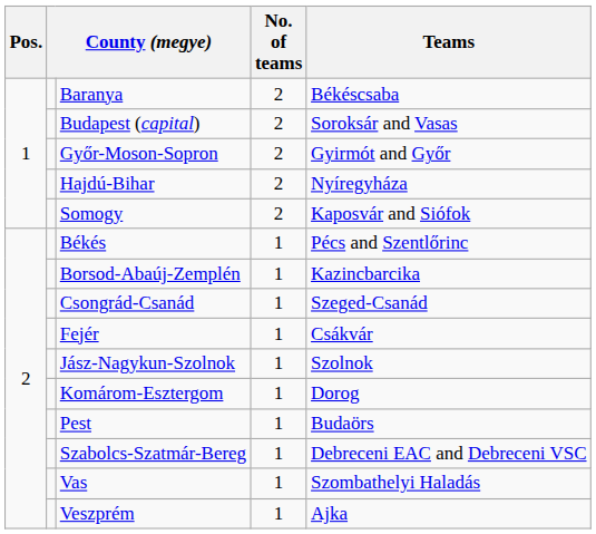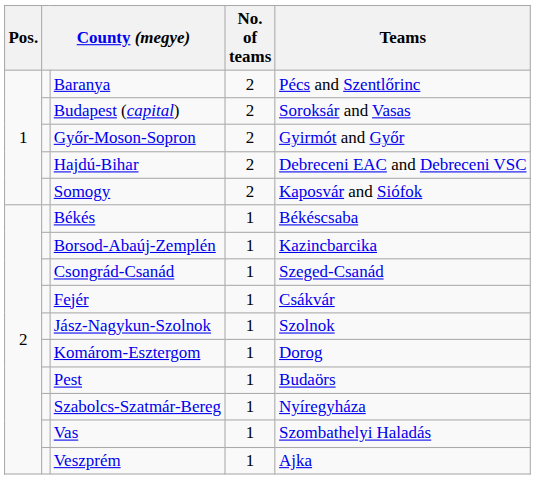 <table class="wikitable" style="float:left;margin-right:2em;">
 <tr>
 <th>Pos.</th>
 <th colspan=2><a href='#'>County</a> <em>(megye)</em></th>
 <th width=30>No. of teams</th>
 <th>Teams</th>
 </tr>
 <tr>
 <td rowspan="5" align="center">1</td>
 <td align=center></td>
 <td><a href='#'>Baranya</a></td>
 <td align="center">2</td>
-<td><a href='#'>Békéscsaba</a></td>
+<td><a href='#'>Pécs</a> and <a href='#'>Szentlőrinc</a></td>
 </tr>
 <tr>
 <td align=center></td>
 <td><a href='#'>Budapest</a> (<em><a href='#'>capital</a></em>)</td>
 <td align="center">2</td>
 <td><a href='#'>Soroksár</a> and <a href='#'>Vasas</a></td>
 </tr>
 <tr>
 <td align=center></td>
 <td><a href='#'>Győr-Moson-Sopron</a></td>
 <td align="center">2</td>
 <td><a href='#'>Gyirmót</a> and <a href='#'>Győr</a></td>
 </tr>
 <tr>
 <td align=center></td>
 <td><a href='#'>Hajdú-Bihar</a></td>
 <td align="center">2</td>
-<td><a href='#'>Nyíregyháza</a></td>
+<td><a href='#'>Debreceni EAC</a> and <a href='#'>Debreceni VSC</a></td>
 </tr>
 <tr>
 <td align=center></td>
 <td><a href='#'>Somogy</a></td>
 <td align="center">2</td>
 <td><a href='#'>Kaposvár</a> and <a href='#'>Siófok</a></td>
 </tr>
 <tr>
 <td rowspan="10" align="center">2</td>
 <td align=center></td>
 <td><a href='#'>Békés</a></td>
 <td align="center">1</td>
-<td><a href='#'>Pécs</a> and <a href='#'>Szentlőrinc</a></td>
+<td><a href='#'>Békéscsaba</a></td>
 </tr>
 <tr>
 <td align=center></td>
 <td><a href='#'>Borsod-Abaúj-Zemplén</a></td>
 <td align="center">1</td>
 <td><a href='#'>Kazincbarcika</a></td>
 </tr>
 <tr>
 <td align=center></td>
 <td><a href='#'>Csongrád-Csanád</a></td>
 <td align="center">1</td>
 <td><a href='#'>Szeged-Csanád</a></td>
 </tr>
 <tr>
 <td align=center></td>
 <td><a href='#'>Fejér</a></td>
 <td align="center">1</td>
 <td><a href='#'>Csákvár</a></td>
 </tr>
 <tr>
 <td align=center></td>
 <td><a href='#'>Jász-Nagykun-Szolnok</a></td>
 <td align="center">1</td>
 <td><a href='#'>Szolnok</a></td>
 </tr>
 <tr>
 <td align=center></td>
 <td><a href='#'>Komárom-Esztergom</a></td>
 <td align="center">1</td>
 <td><a href='#'>Dorog</a></td>
 </tr>
 <tr>
 <td align=center></td>
 <td><a href='#'>Pest</a></td>
 <td align="center">1</td>
 <td><a href='#'>Budaörs</a></td>
 </tr>
 <tr>
 <td align=center></td>
 <td><a href='#'>Szabolcs-Szatmár-Bereg</a></td>
 <td align="center">1</td>
-<td><a href='#'>Debreceni EAC</a> and <a href='#'>Debreceni VSC</a></td>
+<td><a href='#'>Nyíregyháza</a></td>
 </tr>
 <tr>
 <td align=center></td>
 <td><a href='#'>Vas</a></td>
 <td align="center">1</td>
 <td><a href='#'>Szombathelyi Haladás</a></td>
 </tr>
 <tr>
 <td align=center></td>
 <td><a href='#'>Veszprém</a></td>
 <td align="center">1</td>
 <td><a href='#'>Ajka</a></td>
 </tr>
 </table>
